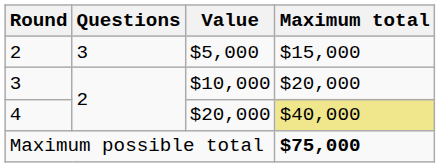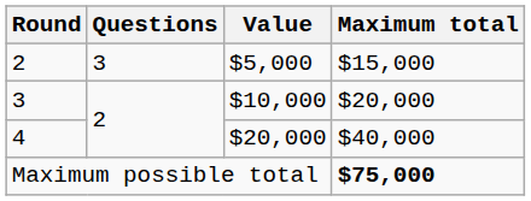 <table class="wikitable" align="right">
 <tr>
 <th>Round</th>
 <th>Questions</th>
 <th>Value</th>
 <th>Maximum total</th>
 </tr>
 <tr>
 <td>2</td>
 <td>3</td>
 <td>$5,000</td>
 <td>$15,000</td>
 </tr>
 <tr>
 <td>3</td>
 <td rowspan="2">2</td>
 <td>$10,000</td>
 <td>$20,000</td>
 </tr>
 <tr>
 <td>4</td>
 <td>$20,000</td>
-<td style="background: khaki;">$40,000</td>
+<td>$40,000</td>
 </tr>
 <tr>
 <td colspan="3">Maximum possible total</td>
 <td><strong>$75,000</strong></td>
 </tr>
 </table>
